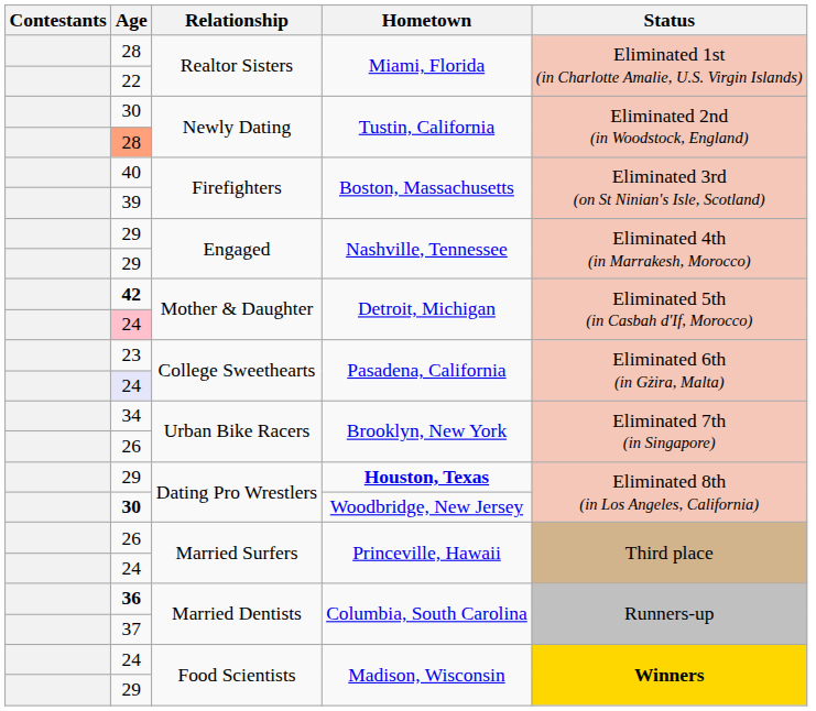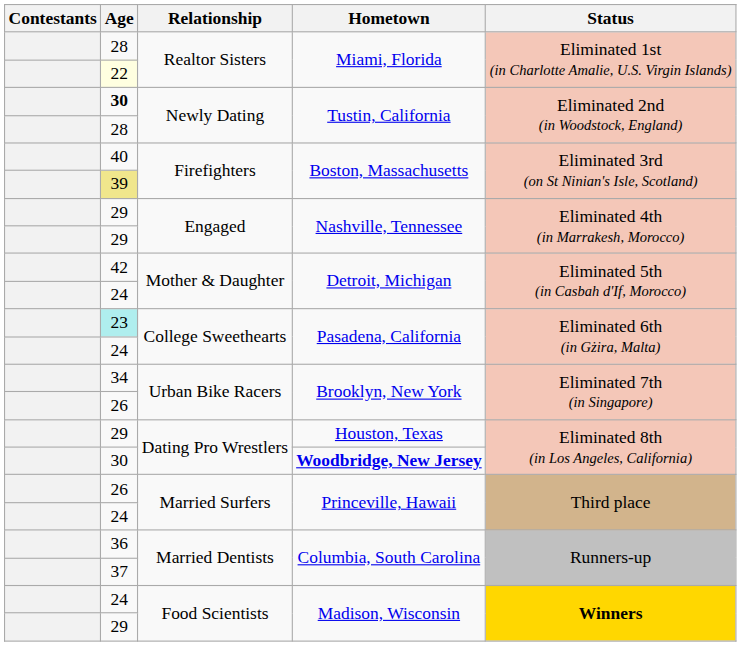 <table class="wikitable sortable" style="text-align:center;">
 <tr>
 <th scope="col">Contestants</th>
 <th scope="col">Age</th>
 <th class="unsortable" scope="col">Relationship</th>
 <th scope="col" class="unsortable">Hometown</th>
 <th scope="col">Status</th>
 </tr>
 <tr>
 <th scope="row"></th>
 <td>28</td>
 <td rowspan="2">Realtor Sisters<br><em></em></td>
 <td rowspan="2"><a href='#'>Miami, Florida</a></td>
 <td rowspan="2" bgcolor="f4c7b8">Eliminated 1st<br><small><em>(in Charlotte Amalie, U.S. Virgin Islands)</em></small></td>
 </tr>
 <tr>
 <th scope="row"></th>
-<td>22</td>
+<td style="background: lightyellow;">22</td>
 </tr>
 <tr>
 <th scope="row"></th>
-<td>30</td>
+<td><strong>30</strong></td>
 <td rowspan="2">Newly Dating<br><em></em></td>
 <td rowspan="2"><a href='#'>Tustin, California</a></td>
 <td rowspan="2" bgcolor="f4c7b8">Eliminated 2nd<br><small><em>(in Woodstock, England)</em></small></td>
 </tr>
 <tr>
 <th scope="row"></th>
-<td style="background: lightsalmon;">28</td>
+<td>28</td>
 </tr>
 <tr>
 <th scope="row"></th>
 <td>40</td>
 <td rowspan="2">Firefighters<br><em></em></td>
 <td rowspan="2"><a href='#'>Boston, Massachusetts</a></td>
 <td rowspan="2" bgcolor="f4c7b8">Eliminated 3rd<br><small><em>(on St Ninian's Isle, Scotland)</em></small></td>
 </tr>
 <tr>
 <th scope="row"></th>
-<td>39</td>
+<td style="background: khaki;">39</td>
 </tr>
 <tr>
 <th scope="row"></th>
 <td>29</td>
 <td rowspan="2">Engaged<br><em></em></td>
 <td rowspan="2"><a href='#'>Nashville, Tennessee</a></td>
 <td rowspan="2" bgcolor="f4c7b8">Eliminated 4th<br><small><em>(in Marrakesh, Morocco)</em></small></td>
 </tr>
 <tr>
 <th scope="row"></th>
 <td>29</td>
 </tr>
 <tr>
 <th scope="row"></th>
-<td><strong>42</strong></td>
+<td>42</td>
 <td rowspan="2">Mother & Daughter<br><em></em></td>
 <td rowspan="2"><a href='#'>Detroit, Michigan</a></td>
 <td rowspan="2" bgcolor="f4c7b8">Eliminated 5th<br><small><em>(in Casbah d'If, Morocco)</em></small></td>
 </tr>
 <tr>
 <th scope="row"></th>
-<td style="background: pink;">24</td>
+<td>24</td>
 </tr>
 <tr>
 <th scope="row"></th>
-<td>23</td>
+<td style="background: paleturquoise;">23</td>
 <td rowspan="2">College Sweethearts<br><em></em></td>
 <td rowspan="2"><a href='#'>Pasadena, California</a></td>
 <td rowspan="2" bgcolor="f4c7b8">Eliminated 6th<br><small><em>(in Gżira, Malta)</em></small></td>
 </tr>
 <tr>
 <th scope="row"></th>
-<td style="background: lavender;">24</td>
+<td>24</td>
 </tr>
 <tr>
 <th scope="row"></th>
 <td>34</td>
 <td rowspan="2">Urban Bike Racers<br><em></em></td>
 <td rowspan="2"><a href='#'>Brooklyn, New York</a></td>
 <td rowspan="2" bgcolor="f4c7b8">Eliminated 7th<br><small><em>(in Singapore)</em></small></td>
 </tr>
 <tr>
 <th scope="row"></th>
 <td>26</td>
 </tr>
 <tr>
 <th scope="row"></th>
 <td>29</td>
 <td rowspan="2">Dating Pro Wrestlers<br><em></em></td>
-<td><strong><a href='#'>Houston, Texas</a></strong></td>
+<td><a href='#'>Houston, Texas</a></td>
 <td rowspan="2" bgcolor="f4c7b8">Eliminated 8th<br><small><em>(in Los Angeles, California)</em></small></td>
 </tr>
 <tr>
 <th scope="row"></th>
-<td><strong>30</strong></td>
-<td><a href='#'>Woodbridge, New Jersey</a></td>
+<td>30</td>
+<td><strong><a href='#'>Woodbridge, New Jersey</a></strong></td>
 </tr>
 <tr>
 <th scope="row"></th>
 <td>26</td>
 <td rowspan="2">Married Surfers<br><em></em></td>
 <td rowspan="2"><a href='#'>Princeville, Hawaii</a></td>
 <td rowspan="2" bgcolor="tan">Third place</td>
 </tr>
 <tr>
 <th scope="row"></th>
 <td>24</td>
 </tr>
 <tr>
 <th scope="row"></th>
-<td><strong>36</strong></td>
+<td>36</td>
 <td rowspan="2">Married Dentists<br><em></em></td>
 <td rowspan="2"><a href='#'>Columbia, South Carolina</a></td>
 <td rowspan="2" bgcolor="silver">Runners-up</td>
 </tr>
 <tr>
 <th scope="row"></th>
 <td>37</td>
 </tr>
 <tr>
 <th scope="row"></th>
 <td>24</td>
 <td rowspan="2">Food Scientists<br><em></em></td>
 <td rowspan="2"><a href='#'>Madison, Wisconsin</a></td>
 <td rowspan="2" bgcolor="gold"><strong>Winners</strong></td>
 </tr>
 <tr>
 <th scope="row"></th>
 <td>29</td>
 </tr>
 </table>
